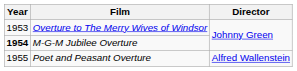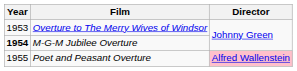 <table class="wikitable">
 <tr>
 <th>Year</th>
 <th>Film</th>
 <th>Director</th>
 </tr>
 <tr>
 <td>1953</td>
 <td><em><a href='#'>Overture to The Merry Wives of Windsor</a></em></td>
 <td rowspan=2><a href='#'>Johnny Green</a></td>
 </tr>
 <tr>
 <td><strong>1954</strong></td>
 <td><em>M-G-M Jubilee Overture</em></td>
 </tr>
 <tr>
 <td>1955</td>
 <td><em>Poet and Peasant Overture</em></td>
-<td><a href='#'>Alfred Wallenstein</a></td>
+<td style="background: pink;"><a href='#'>Alfred Wallenstein</a></td>
 </tr>
 </table>
